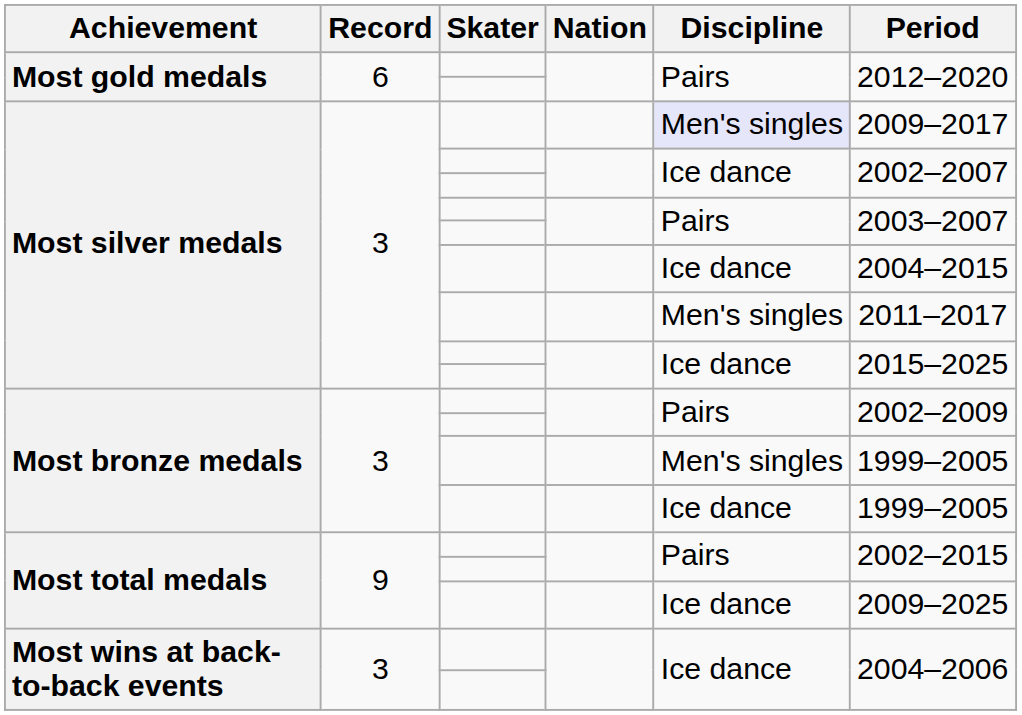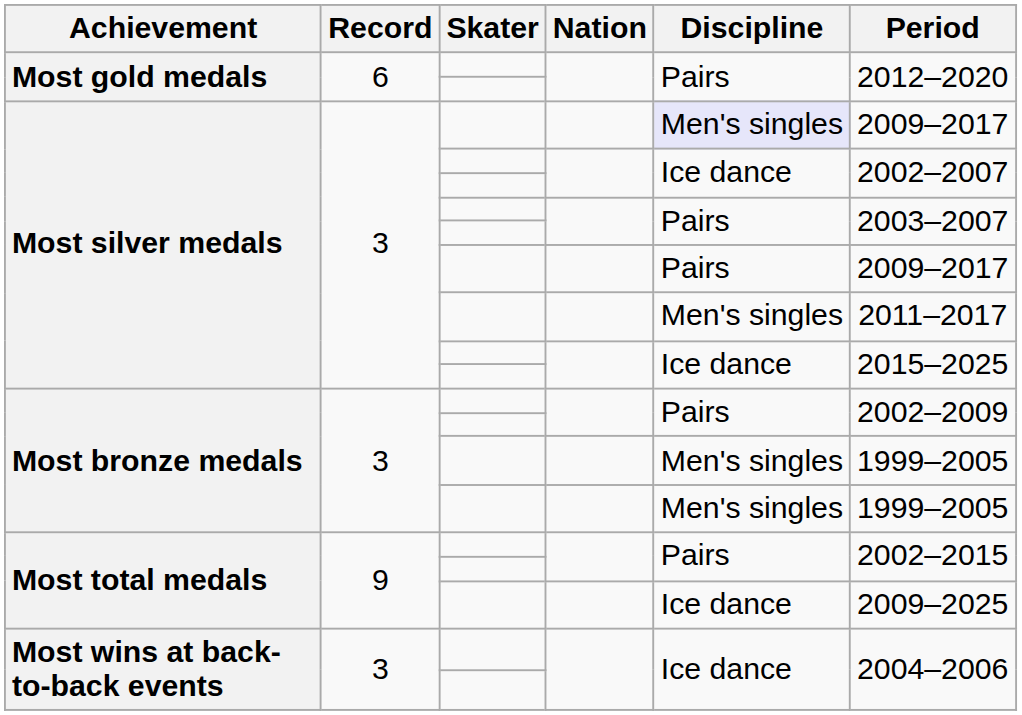 <table class="wikitable unsortable" style="text-align:left">
 <tr>
 <th scope="col" style="width:10em">Achievement</th>
 <th scope="col">Record</th>
 <th scope="col">Skater</th>
 <th scope="col">Nation</th>
 <th scope="col">Discipline</th>
 <th scope="col">Period</th>
 </tr>
 <tr>
 <th scope="row" rowspan="2" style="text-align:left">Most gold medals</th>
 <td rowspan=2 align=center>6</td>
 <td></td>
 <td rowspan="2"></td>
 <td rowspan="2">Pairs</td>
 <td rowspan=2 align="center">2012–2020</td>
 </tr>
 <tr>
 <td></td>
 </tr>
 <tr>
 <th scope="row" rowspan="9" style="text-align:left">Most silver medals</th>
 <td rowspan=9 align=center>3</td>
 <td></td>
 <td></td>
 <td style="background: lavender;">Men's singles</td>
 <td align="center">2009–2017</td>
 </tr>
 <tr>
 <td></td>
 <td rowspan="2"></td>
 <td rowspan="2">Ice dance</td>
 <td rowspan="2" align="center">2002–2007</td>
 </tr>
 <tr>
 <td></td>
 </tr>
 <tr>
 <td></td>
 <td rowspan="2"></td>
 <td rowspan="2">Pairs</td>
 <td rowspan="2" align="center">2003–2007</td>
 </tr>
 <tr>
 <td></td>
 </tr>
 <tr>
 <td></td>
 <td></td>
-<td>Ice dance</td>
-<td align="center">2004–2015</td>
+<td>Pairs</td>
+<td align="center">2009–2017</td>
 </tr>
 <tr>
 <td></td>
 <td></td>
 <td>Men's singles</td>
 <td align="center">2011–2017</td>
 </tr>
 <tr>
 <td></td>
 <td rowspan="2"></td>
 <td rowspan="2">Ice dance</td>
 <td rowspan="2" align="center">2015–2025</td>
 </tr>
 <tr>
 <td></td>
 </tr>
 <tr>
 <th scope="row" rowspan="4" style="text-align:left">Most bronze medals</th>
 <td rowspan=4 align=center>3</td>
 <td></td>
 <td rowspan="2"></td>
 <td rowspan="2">Pairs</td>
 <td rowspan="2" align="center">2002–2009</td>
 </tr>
 <tr>
 <td></td>
 </tr>
 <tr>
 <td></td>
 <td></td>
 <td>Men's singles</td>
 <td align="center">1999–2005</td>
 </tr>
 <tr>
 <td></td>
 <td></td>
-<td>Ice dance</td>
+<td>Men's singles</td>
 <td align="center">1999–2005</td>
 </tr>
 <tr>
 <th scope="row" rowspan="3" style="text-align:left">Most total medals</th>
 <td rowspan=3 align=center>9</td>
 <td></td>
 <td rowspan="2"></td>
 <td rowspan="2">Pairs</td>
 <td rowspan=2 align="center">2002–2015</td>
 </tr>
 <tr>
 <td></td>
 </tr>
 <tr>
 <td></td>
 <td></td>
 <td>Ice dance</td>
 <td align="center">2009–2025</td>
 </tr>
 <tr>
 <th scope="row" rowspan="2" style="text-align:left">Most wins at back-to-back events</th>
 <td rowspan=2 align=center>3</td>
 <td></td>
 <td rowspan="2"></td>
 <td rowspan="2">Ice dance</td>
 <td rowspan=2 align="center">2004–2006</td>
 </tr>
 <tr>
 <td></td>
 </tr>
 </table>
